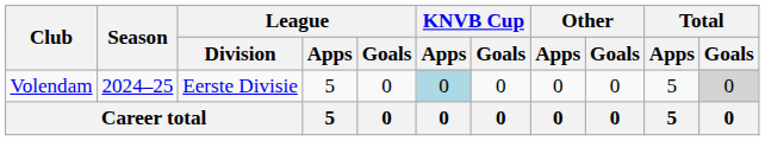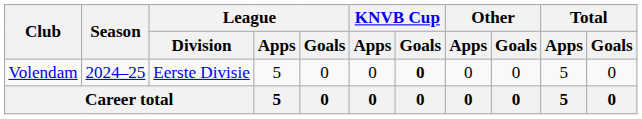 <table class="wikitable" style="text-align:center">
 <tr>
 <th rowspan="2">Club</th>
 <th rowspan="2">Season</th>
 <th colspan="3">League</th>
 <th colspan="2"><a href='#'>KNVB Cup</a></th>
 <th colspan="2">Other</th>
 <th colspan="2">Total</th>
 </tr>
 <tr>
 <th>Division</th>
 <th>Apps</th>
 <th>Goals</th>
 <th>Apps</th>
 <th>Goals</th>
 <th>Apps</th>
 <th>Goals</th>
 <th>Apps</th>
 <th>Goals</th>
 </tr>
 <tr>
 <td><a href='#'>Volendam</a></td>
 <td><a href='#'>2024–25</a></td>
 <td><a href='#'>Eerste Divisie</a></td>
 <td>5</td>
 <td>0</td>
-<td style="background: lightblue;">0</td>
 <td>0</td>
+<td><strong>0</strong></td>
 <td>0</td>
 <td>0</td>
 <td>5</td>
-<td style="background: lightgrey;">0</td>
+<td>0</td>
 </tr>
 <tr>
 <th colspan="3">Career total</th>
 <th>5</th>
 <th>0</th>
 <th>0</th>
 <th>0</th>
 <th>0</th>
 <th>0</th>
 <th>5</th>
 <th>0</th>
 </tr>
 </table>
